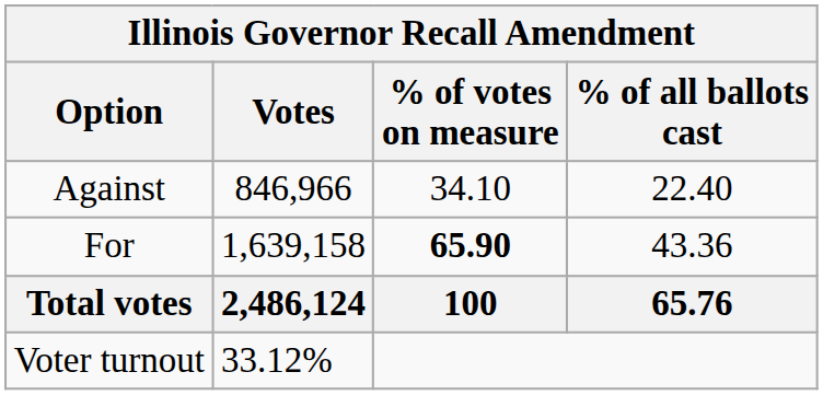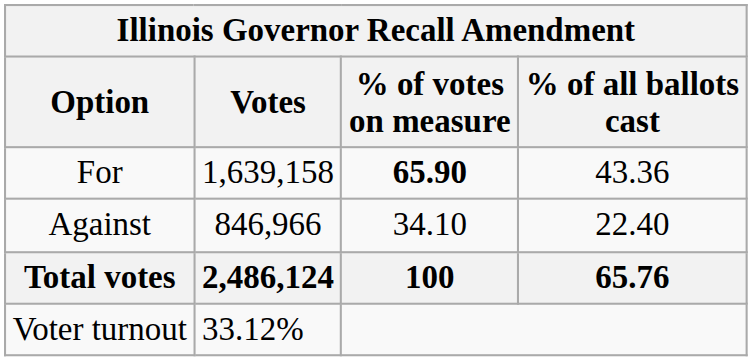 <table class="wikitable">
 <tr>
 <th colspan=4 text align=center>Illinois Governor Recall Amendment</th>
 </tr>
 <tr>
 <th>Option</th>
 <th>Votes</th>
 <th>% of votes<br>on measure</th>
 <th>% of all ballots<br>cast</th>
 </tr>
 <tr>
+<td text align=center>For</td>
+<td text align=center>1,639,158</td>
+<td text align=center><strong>65.90</strong></td>
+<td text align=center>43.36</td>
+</tr>
+<tr>
 <td text align=center>Against</td>
 <td text align=center>846,966</td>
 <td text align=center>34.10</td>
 <td text align=center>22.40</td>
-</tr>
-<tr>
-<td text align=center>For</td>
-<td text align=center>1,639,158</td>
-<td text align=center><strong>65.90</strong></td>
-<td text align=center>43.36</td>
 </tr>
 <tr>
 <th text align=center>Total votes</th>
 <th text align=center><strong>2,486,124</strong></th>
 <th text align=center><strong>100</strong></th>
 <th text align=center><strong>65.76</strong></th>
 </tr>
 <tr>
 <td>Voter turnout</td>
 <td>33.12%</td>
 </tr>
 </table>
